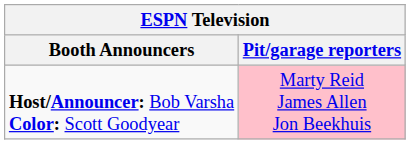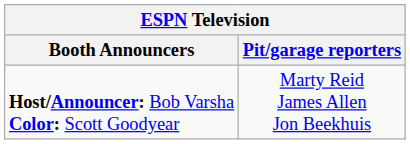 <table class="wikitable" style="font-size: 95%;">
 <tr>
 <th colspan=2><a href='#'>ESPN</a> Television</th>
 </tr>
 <tr>
 <th>Booth Announcers</th>
 <th><a href='#'>Pit/garage reporters</a></th>
 </tr>
 <tr>
 <td valign="top"><br><strong>Host/<a href='#'>Announcer</a>:</strong> <a href='#'>Bob Varsha</a><br> <strong><a href='#'>Color</a>:</strong> <a href='#'>Scott Goodyear</a><br></td>
-<td align="center" valign="top" style="background: pink;"><a href='#'>Marty Reid</a><br><a href='#'>James Allen</a><br><a href='#'>Jon Beekhuis</a></td>
+<td align="center" valign="top"><a href='#'>Marty Reid</a><br><a href='#'>James Allen</a><br><a href='#'>Jon Beekhuis</a></td>
 </tr>
 </table>
